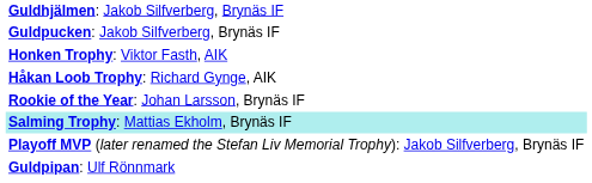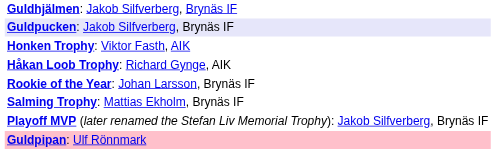 <table cellpadding="3" cellspacing="1">
 <tr>
 <td><strong><a href='#'>Guldhjälmen</a></strong>: <a href='#'>Jakob Silfverberg</a>, <a href='#'>Brynäs IF</a></td>
 </tr>
 <tr>
-<td><strong><a href='#'>Guldpucken</a></strong>: <a href='#'>Jakob Silfverberg</a>, Brynäs IF</td>
+<td style="background: lavender;"><strong><a href='#'>Guldpucken</a></strong>: <a href='#'>Jakob Silfverberg</a>, Brynäs IF</td>
 </tr>
 <tr>
 <td><strong><a href='#'>Honken Trophy</a></strong>: <a href='#'>Viktor Fasth</a>, <a href='#'>AIK</a></td>
 </tr>
 <tr>
 <td><strong><a href='#'>Håkan Loob Trophy</a></strong>: <a href='#'>Richard Gynge</a>, AIK</td>
 </tr>
 <tr>
 <td><strong><a href='#'>Rookie of the Year</a></strong>: <a href='#'>Johan Larsson</a>, Brynäs IF</td>
 </tr>
 <tr>
-<td style="background: paleturquoise;"><strong><a href='#'>Salming Trophy</a></strong>: <a href='#'>Mattias Ekholm</a>, Brynäs IF</td>
+<td><strong><a href='#'>Salming Trophy</a></strong>: <a href='#'>Mattias Ekholm</a>, Brynäs IF</td>
 </tr>
 <tr>
 <td><strong><a href='#'>Playoff MVP</a></strong> (<em>later renamed the Stefan Liv Memorial Trophy</em>):  <a href='#'>Jakob Silfverberg</a>, Brynäs IF</td>
 <td></td>
 </tr>
 <tr>
-<td><strong><a href='#'>Guldpipan</a></strong>: <a href='#'>Ulf Rönnmark</a></td>
+<td style="background: pink;"><strong><a href='#'>Guldpipan</a></strong>: <a href='#'>Ulf Rönnmark</a></td>
 </tr>
 </table>
